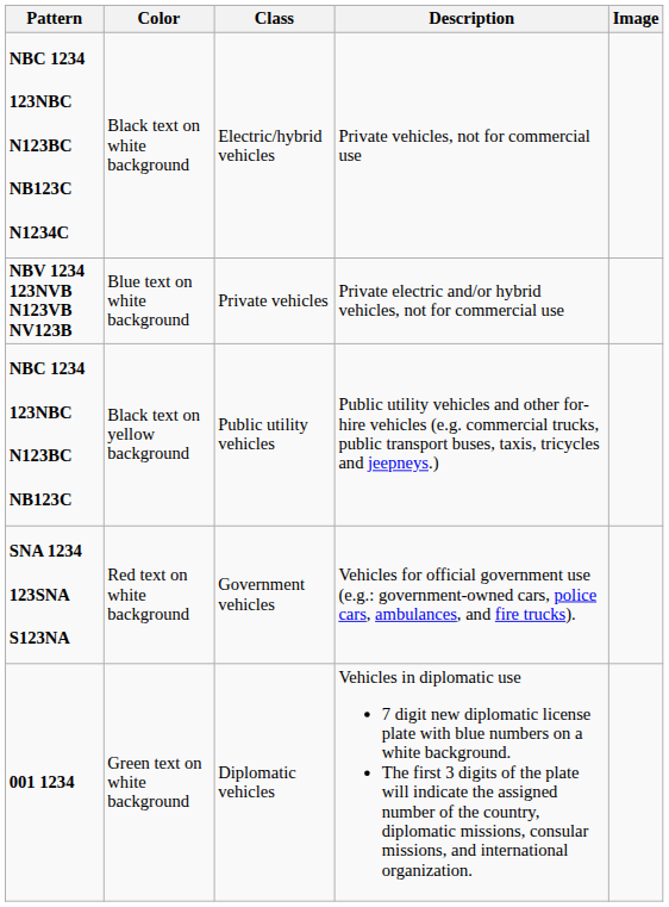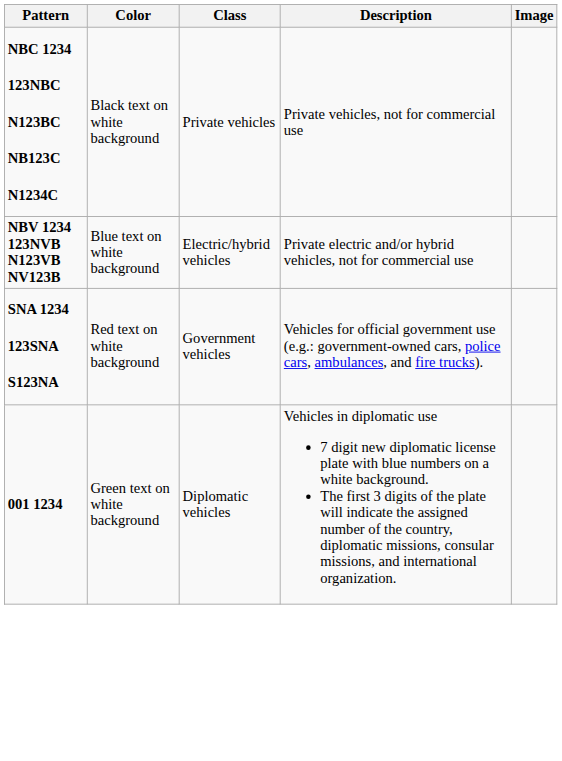 <table class="wikitable">
 <tr>
 <th>Pattern</th>
 <th>Color</th>
 <th>Class</th>
 <th>Description</th>
 <th>Image</th>
 </tr>
 <tr>
 <td style="line-height:2.5;"><span><strong>NBC 1234</strong></span><br><span><strong>123NBC</strong></span> <span><strong>N123BC</strong></span> <span><strong>NB123C</strong></span> <span><strong>N1234C</strong></span></td>
 <td>Black text on white background</td>
-<td>Electric/hybrid vehicles</td>
+<td>Private vehicles</td>
 <td>Private vehicles, not for commercial use</td>
 <td> </td>
 </tr>
 <tr>
 <td><span><strong>NBV 1234</strong></span> <span><strong>123NVB</strong></span><br><span><strong>N123VB</strong></span> <span><strong>NV123B</strong></span></td>
 <td>Blue text on white background</td>
-<td>Private vehicles</td>
+<td>Electric/hybrid vehicles</td>
 <td>Private electric and/or hybrid vehicles, not for commercial use</td>
 <td> </td>
-</tr>
-<tr>
-<td style="line-height:2.5;"><span><strong>NBC 1234</strong></span><br><span><strong>123NBC</strong></span> <span><strong>N123BC</strong></span> <span><strong>NB123C</strong></span></td>
-<td>Black text on yellow background</td>
-<td>Public utility<br>vehicles</td>
-<td>Public utility vehicles and other for-hire vehicles (e.g. commercial trucks, public transport buses, taxis, tricycles and <a href='#'>jeepneys</a>.)</td>
-<td></td>
 </tr>
 <tr>
 <td style="line-height:2.5;"><span><strong>SNA  1234</strong></span><br><span><strong>123SNA</strong></span> <span><strong>S123NA</strong></span></td>
 <td>Red text on white background</td>
 <td>Government<br>vehicles</td>
 <td>Vehicles for official government use (e.g.: government-owned cars, <a href='#'>police cars</a>, <a href='#'>ambulances</a>, and <a href='#'>fire trucks</a>).</td>
 <td> </td>
 </tr>
 <tr>
 <td><span><strong>001 1234</strong></span></td>
 <td>Green text on white background</td>
 <td>Diplomatic vehicles</td>
 <td>Vehicles in diplomatic use<br><ul><li>7 digit new diplomatic license plate with blue numbers on a white background.</li><li>The first 3 digits of the plate will indicate the  assigned number of the country, diplomatic missions, consular missions, and international organization.</li></ul></td>
 <td></td>
 </tr>
 </table>
